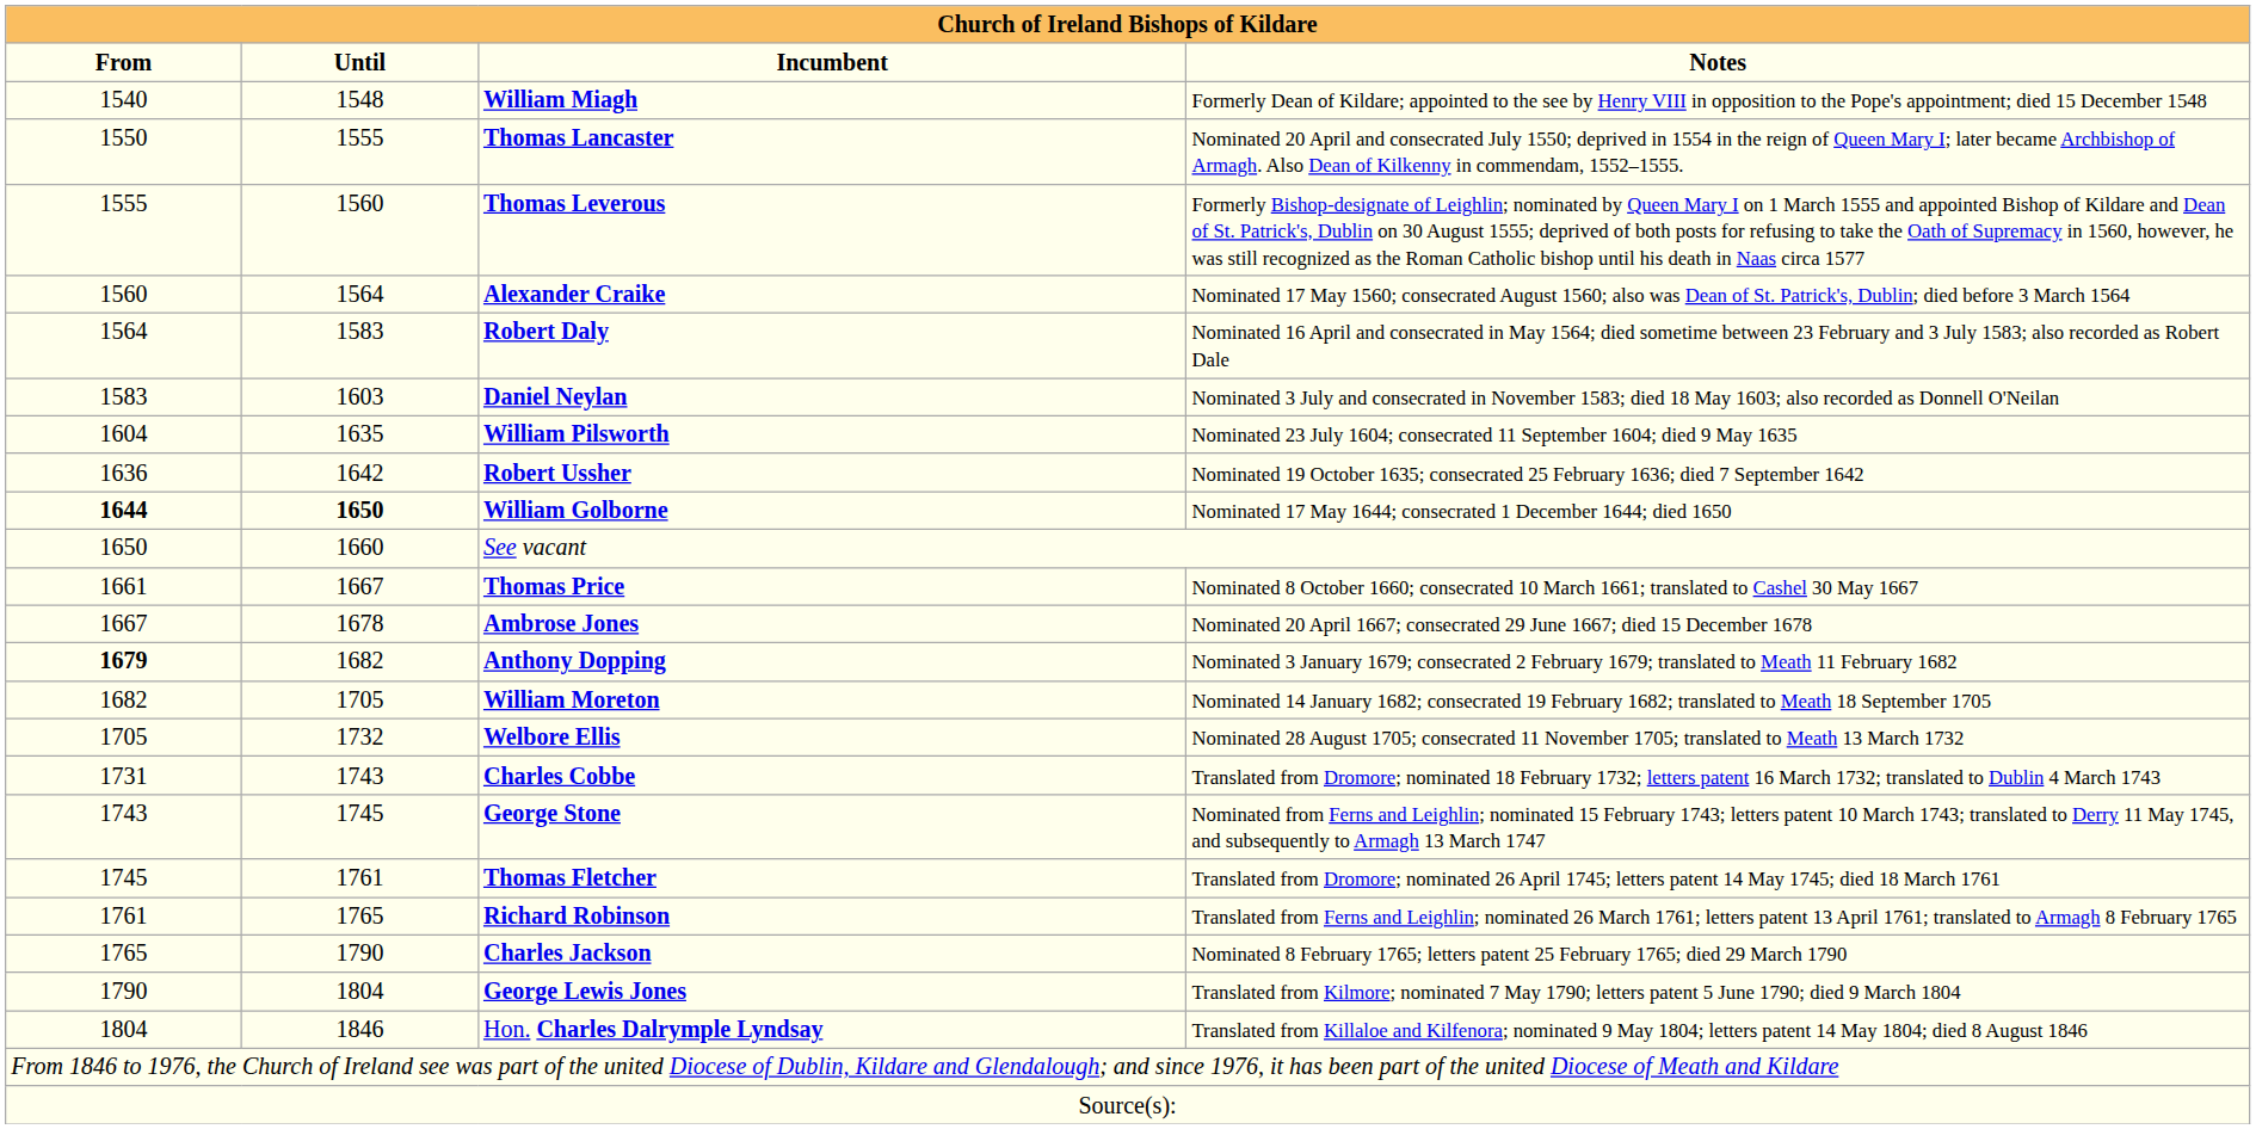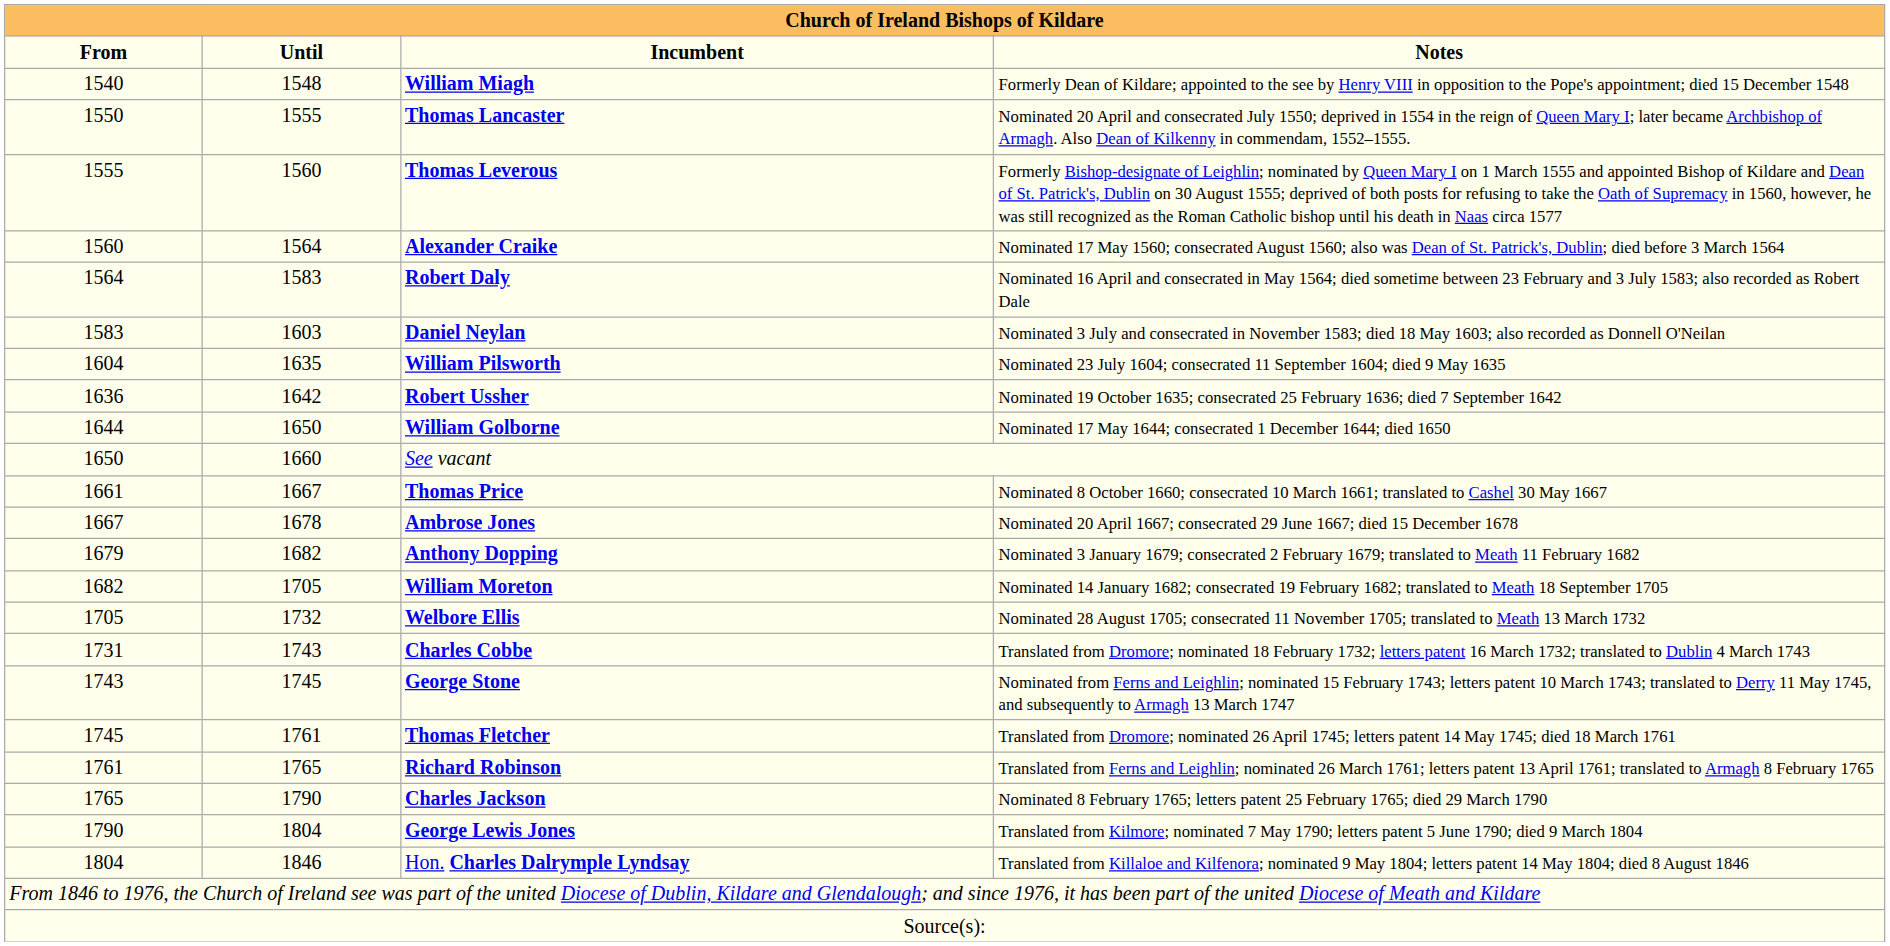 <table class="wikitable" style="width:95%;" border="1" cellpadding="2">
 <tr>
 <th style="background-color: #FABE60;" colspan="5">Church of Ireland Bishops of Kildare</th>
 </tr>
 <tr align="center">
 <th style="background-color: #ffffec;" width="10%">From</th>
 <th style="background-color: #ffffec;" width="10%">Until</th>
 <th style="background-color: #ffffec;" width="30%">Incumbent</th>
 <th style="background-color: #ffffec;" width="45%">Notes</th>
 </tr>
 <tr bgcolor="#ffffec" valign="top">
 <td align="center">1540</td>
 <td align="center">1548</td>
 <td><strong><a href='#'>William Miagh</a></strong></td>
 <td><small>Formerly Dean of Kildare; appointed to the see by <a href='#'>Henry VIII</a> in opposition to the Pope's appointment; died 15 December 1548</small></td>
 </tr>
 <tr bgcolor="#ffffec" valign="top">
 <td align="center">1550</td>
 <td align="center">1555</td>
 <td><strong><a href='#'>Thomas Lancaster</a></strong></td>
 <td><small> Nominated 20 April and consecrated July 1550; deprived in 1554 in the reign of <a href='#'>Queen Mary I</a>; later became <a href='#'>Archbishop of Armagh</a>. Also <a href='#'>Dean of Kilkenny</a> in commendam, 1552–1555.</small></td>
 </tr>
 <tr bgcolor="#ffffec" valign="top">
 <td align="center">1555</td>
 <td align="center">1560</td>
 <td><strong><a href='#'>Thomas Leverous</a></strong> </td>
 <td><small>Formerly <a href='#'>Bishop-designate of Leighlin</a>; nominated by <a href='#'>Queen Mary I</a> on 1 March 1555 and appointed Bishop of Kildare and <a href='#'>Dean of St. Patrick's, Dublin</a> on 30 August 1555; deprived of both posts for refusing to take the <a href='#'>Oath of Supremacy</a> in 1560, however, he was still recognized as the Roman Catholic bishop until his death in <a href='#'>Naas</a> circa 1577</small></td>
 </tr>
 <tr bgcolor="#ffffec" valign="top">
 <td align="center">1560</td>
 <td align="center">1564</td>
 <td><strong><a href='#'>Alexander Craike</a></strong></td>
 <td><small>Nominated 17 May 1560; consecrated August 1560; also was <a href='#'>Dean of St. Patrick's, Dublin</a>; died before 3 March 1564</small></td>
 </tr>
 <tr bgcolor="#ffffec" valign="top">
 <td align="center">1564</td>
 <td align="center">1583</td>
 <td><strong><a href='#'>Robert Daly</a></strong></td>
 <td><small>Nominated 16 April and consecrated in May 1564; died sometime between 23 February and 3 July 1583; also recorded as Robert Dale</small></td>
 </tr>
 <tr bgcolor="#ffffec" valign="top">
 <td align="center">1583</td>
 <td align="center">1603</td>
 <td><strong><a href='#'>Daniel Neylan</a></strong></td>
 <td><small>Nominated 3 July and consecrated in November 1583; died 18 May 1603; also recorded as Donnell O'Neilan</small></td>
 </tr>
 <tr bgcolor="#ffffec" valign="top">
 <td align="center">1604</td>
 <td align="center">1635</td>
 <td><strong><a href='#'>William Pilsworth</a></strong></td>
 <td><small>Nominated 23 July 1604; consecrated 11 September 1604; died 9 May 1635</small></td>
 </tr>
 <tr bgcolor="#ffffec" valign="top">
 <td align="center">1636</td>
 <td align="center">1642</td>
 <td><strong><a href='#'>Robert Ussher</a></strong></td>
 <td><small>Nominated 19 October 1635; consecrated 25 February 1636; died 7 September 1642</small></td>
 </tr>
 <tr bgcolor="#ffffec" valign="top">
-<td align="center"><strong>1644</strong></td>
-<td align="center"><strong>1650</strong></td>
+<td align="center">1644</td>
+<td align="center">1650</td>
 <td><strong><a href='#'>William Golborne</a></strong></td>
 <td><small>Nominated 17 May 1644; consecrated 1 December 1644; died 1650</small></td>
 </tr>
 <tr bgcolor="#ffffec" valign="top">
 <td align="center">1650</td>
 <td align="center">1660</td>
 <td colspan="2"><em><a href='#'>See</a> vacant</em></td>
 </tr>
 <tr bgcolor="#ffffec" valign="top">
 <td align="center">1661</td>
 <td align="center">1667</td>
 <td><strong><a href='#'>Thomas Price</a></strong></td>
 <td><small>Nominated 8 October 1660; consecrated 10 March 1661; translated to <a href='#'>Cashel</a> 30 May 1667</small></td>
 </tr>
 <tr bgcolor="#ffffec" valign="top">
 <td align="center">1667</td>
 <td align="center">1678</td>
 <td><strong><a href='#'>Ambrose Jones</a></strong></td>
 <td><small>Nominated 20 April 1667; consecrated 29 June 1667; died 15 December 1678</small></td>
 </tr>
 <tr bgcolor="#ffffec" valign="top">
-<td align="center"><strong>1679</strong></td>
+<td align="center">1679</td>
 <td align="center">1682</td>
 <td><strong><a href='#'>Anthony Dopping</a></strong></td>
 <td><small>Nominated 3 January 1679; consecrated 2 February 1679; translated to <a href='#'>Meath</a> 11 February 1682</small></td>
 </tr>
 <tr bgcolor="#ffffec" valign="top">
 <td align="center">1682</td>
 <td align="center">1705</td>
 <td><strong><a href='#'>William Moreton</a></strong></td>
 <td><small>Nominated 14 January 1682; consecrated 19 February 1682; translated to <a href='#'>Meath</a> 18 September 1705</small></td>
 </tr>
 <tr bgcolor="#ffffec" valign="top">
 <td align="center">1705</td>
 <td align="center">1732</td>
 <td><strong><a href='#'>Welbore Ellis</a></strong></td>
 <td><small>Nominated 28 August 1705; consecrated 11 November 1705; translated to <a href='#'>Meath</a> 13 March 1732</small></td>
 </tr>
 <tr bgcolor="#ffffec" valign="top">
 <td align="center">1731</td>
 <td align="center">1743</td>
 <td><strong><a href='#'>Charles Cobbe</a></strong></td>
 <td><small>Translated from <a href='#'>Dromore</a>; nominated 18 February 1732; <a href='#'>letters patent</a> 16 March 1732; translated to <a href='#'>Dublin</a> 4 March 1743</small></td>
 </tr>
 <tr bgcolor="#ffffec" valign="top">
 <td align="center">1743</td>
 <td align="center">1745</td>
 <td><strong><a href='#'>George Stone</a></strong></td>
 <td><small>Nominated from <a href='#'>Ferns and Leighlin</a>; nominated 15 February 1743; letters patent 10 March 1743; translated to <a href='#'>Derry</a> 11 May 1745, and subsequently to <a href='#'>Armagh</a> 13 March 1747</small></td>
 </tr>
 <tr bgcolor="#ffffec" valign="top">
 <td align="center">1745</td>
 <td align="center">1761</td>
 <td><strong><a href='#'>Thomas Fletcher</a></strong></td>
 <td><small>Translated from <a href='#'>Dromore</a>; nominated 26 April 1745; letters patent 14 May 1745; died 18 March 1761</small></td>
 </tr>
 <tr bgcolor="#ffffec" valign="top">
 <td align="center">1761</td>
 <td align="center">1765</td>
 <td><strong><a href='#'>Richard Robinson</a></strong></td>
 <td><small>Translated from <a href='#'>Ferns and Leighlin</a>; nominated 26 March 1761; letters patent 13 April 1761; translated to <a href='#'>Armagh</a> 8 February 1765</small></td>
 </tr>
 <tr bgcolor="#ffffec" valign="top">
 <td align="center">1765</td>
 <td align="center">1790</td>
 <td><strong><a href='#'>Charles Jackson</a></strong></td>
 <td><small>Nominated 8 February 1765; letters patent 25 February 1765; died 29 March 1790</small></td>
 </tr>
 <tr bgcolor="#ffffec" valign="top">
 <td align="center">1790</td>
 <td align="center">1804</td>
 <td><strong><a href='#'>George Lewis Jones</a></strong></td>
 <td><small>Translated from <a href='#'>Kilmore</a>; nominated 7 May 1790; letters patent 5 June 1790; died 9 March 1804</small></td>
 </tr>
 <tr bgcolor="#ffffec" valign="top">
 <td align="center">1804</td>
 <td align="center">1846</td>
 <td><a href='#'>Hon.</a> <strong><a href='#'>Charles Dalrymple Lyndsay</a></strong></td>
 <td><small>Translated from <a href='#'>Killaloe and Kilfenora</a>; nominated 9 May 1804; letters patent 14 May 1804; died 8 August 1846</small></td>
 </tr>
 <tr bgcolor="#ffffec" valign="top">
 <td colspan="4"><em>From 1846 to 1976, the Church of Ireland see was part of the united <a href='#'>Diocese of Dublin, Kildare and Glendalough</a>; and since 1976, it has been part of the united <a href='#'>Diocese of Meath and Kildare</a></em></td>
 </tr>
 <tr bgcolor="#ffffec" valign="top">
 <td colspan="4" align="center">Source(s):</td>
 </tr>
 </table>
